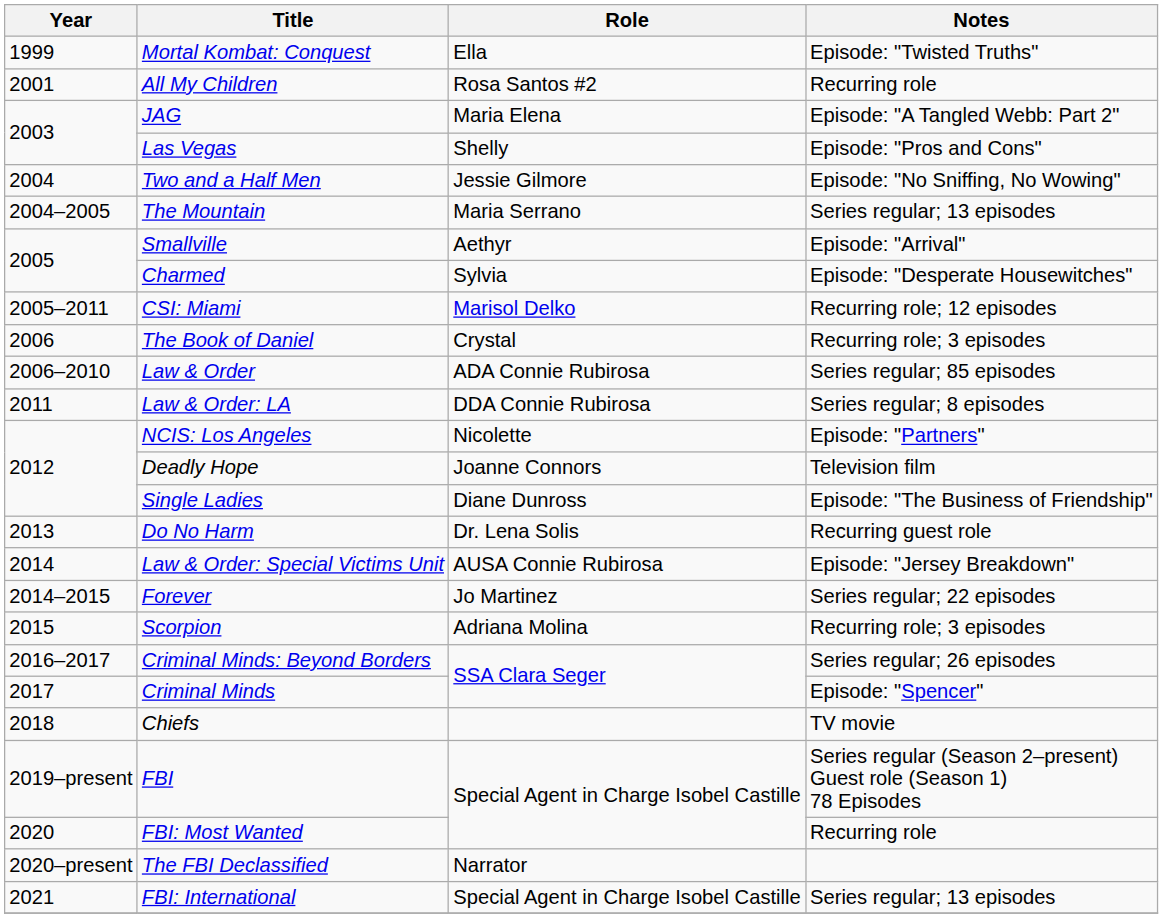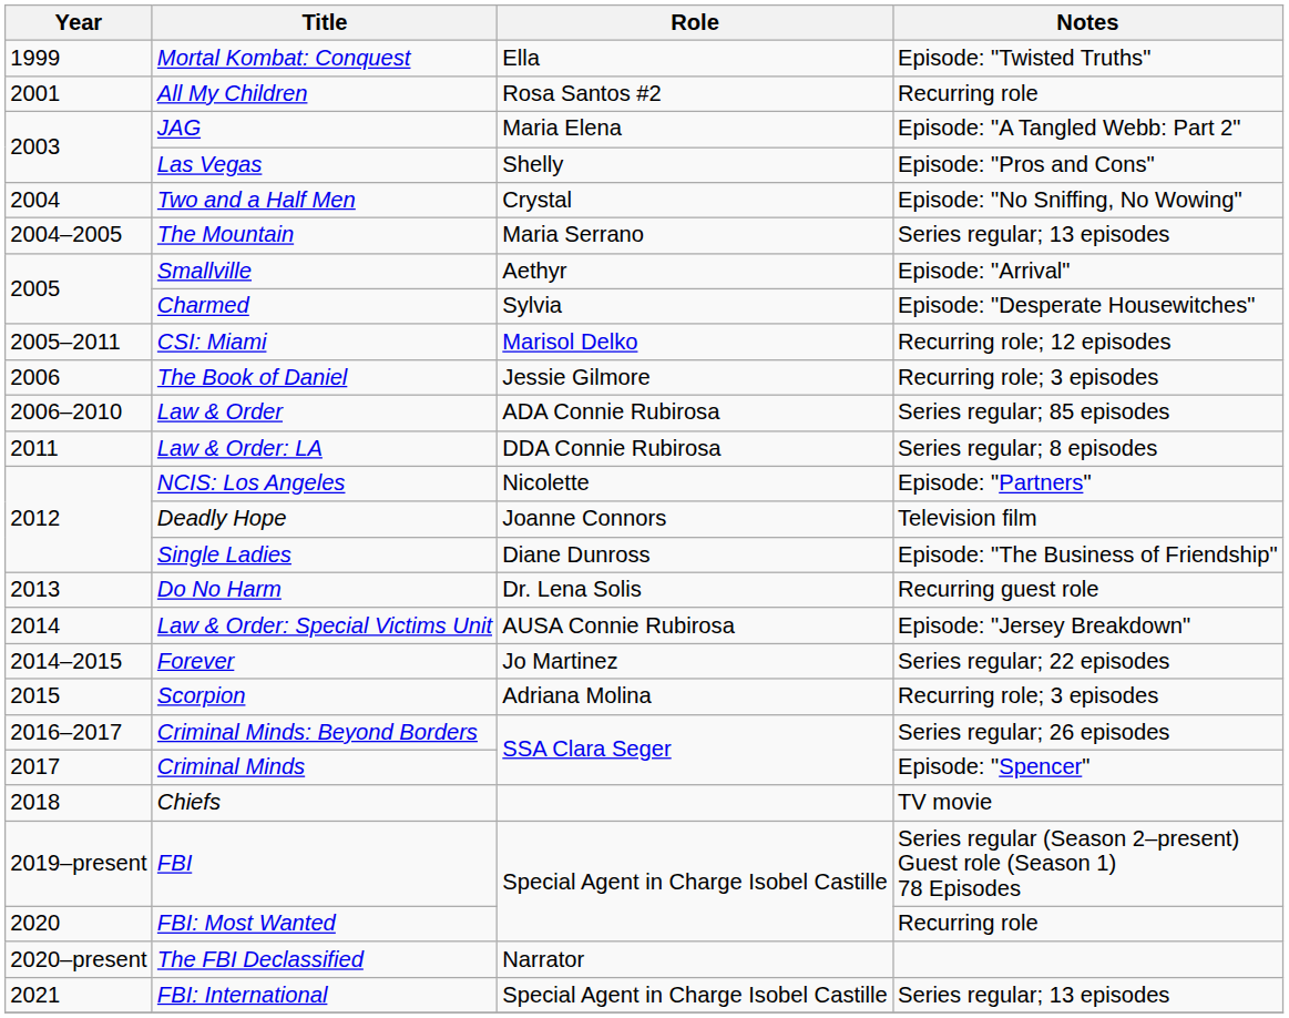 <table class="wikitable sortable">
 <tr>
 <th>Year</th>
 <th>Title</th>
 <th>Role</th>
 <th class="unsortable">Notes</th>
 </tr>
 <tr>
 <td>1999</td>
 <td><em><a href='#'>Mortal Kombat: Conquest</a></em></td>
 <td>Ella</td>
 <td>Episode: "Twisted Truths"</td>
 </tr>
 <tr>
 <td>2001</td>
 <td><em><a href='#'>All My Children</a></em></td>
 <td>Rosa Santos #2</td>
 <td>Recurring role</td>
 </tr>
 <tr>
 <td rowspan=2>2003</td>
 <td><em><a href='#'>JAG</a></em></td>
 <td>Maria Elena</td>
 <td>Episode: "A Tangled Webb: Part 2"</td>
 </tr>
 <tr>
 <td><em><a href='#'>Las Vegas</a></em></td>
 <td>Shelly</td>
 <td>Episode: "Pros and Cons"</td>
 </tr>
 <tr>
 <td>2004</td>
 <td><em><a href='#'>Two and a Half Men</a></em></td>
-<td>Jessie Gilmore</td>
+<td>Crystal</td>
 <td>Episode: "No Sniffing, No Wowing"</td>
 </tr>
 <tr>
 <td>2004–2005</td>
 <td><em><a href='#'>The Mountain</a></em></td>
 <td>Maria Serrano</td>
 <td>Series regular; 13 episodes</td>
 </tr>
 <tr>
 <td rowspan=2>2005</td>
 <td><em><a href='#'>Smallville</a></em></td>
 <td>Aethyr</td>
 <td>Episode: "Arrival"</td>
 </tr>
 <tr>
 <td><em><a href='#'>Charmed</a></em></td>
 <td>Sylvia</td>
 <td>Episode: "Desperate Housewitches"</td>
 </tr>
 <tr>
 <td>2005–2011</td>
 <td><em><a href='#'>CSI: Miami</a></em></td>
 <td><a href='#'>Marisol Delko</a></td>
 <td>Recurring role; 12 episodes</td>
 </tr>
 <tr>
 <td>2006</td>
 <td><em><a href='#'>The Book of Daniel</a></em></td>
-<td>Crystal</td>
+<td>Jessie Gilmore</td>
 <td>Recurring role; 3 episodes</td>
 </tr>
 <tr>
 <td>2006–2010</td>
 <td><em><a href='#'>Law & Order</a></em></td>
 <td>ADA Connie Rubirosa</td>
 <td>Series regular; 85 episodes</td>
 </tr>
 <tr>
 <td>2011</td>
 <td><em><a href='#'>Law & Order: LA</a></em></td>
 <td>DDA Connie Rubirosa</td>
 <td>Series regular; 8 episodes</td>
 </tr>
 <tr>
 <td rowspan=3>2012</td>
 <td><em><a href='#'>NCIS: Los Angeles</a></em></td>
 <td>Nicolette</td>
 <td>Episode: "<a href='#'>Partners</a>"</td>
 </tr>
 <tr>
 <td><em>Deadly Hope</em></td>
 <td>Joanne Connors</td>
 <td>Television film</td>
 </tr>
 <tr>
 <td><em><a href='#'>Single Ladies</a></em></td>
 <td>Diane Dunross</td>
 <td>Episode: "The Business of Friendship"</td>
 </tr>
 <tr>
 <td>2013</td>
 <td><em><a href='#'>Do No Harm</a></em></td>
 <td>Dr. Lena Solis</td>
 <td>Recurring guest role</td>
 </tr>
 <tr>
 <td>2014</td>
 <td><em><a href='#'>Law & Order: Special Victims Unit</a></em></td>
 <td>AUSA Connie Rubirosa</td>
 <td>Episode: "Jersey Breakdown"</td>
 </tr>
 <tr>
 <td>2014–2015</td>
 <td><em><a href='#'>Forever</a></em></td>
 <td>Jo Martinez</td>
 <td>Series regular; 22 episodes</td>
 </tr>
 <tr>
 <td>2015</td>
 <td><em><a href='#'>Scorpion</a></em></td>
 <td>Adriana Molina</td>
 <td>Recurring role; 3 episodes</td>
 </tr>
 <tr>
 <td>2016–2017</td>
 <td><em><a href='#'>Criminal Minds: Beyond Borders</a></em></td>
 <td rowspan="2"><a href='#'>SSA Clara Seger</a></td>
 <td>Series regular; 26 episodes</td>
 </tr>
 <tr>
 <td>2017</td>
 <td><em><a href='#'>Criminal Minds</a></em></td>
 <td>Episode: "<a href='#'>Spencer</a>"</td>
 </tr>
 <tr>
 <td>2018</td>
 <td><em>Chiefs</em></td>
 <td></td>
 <td>TV movie</td>
 </tr>
 <tr>
 <td>2019–present</td>
 <td><em><a href='#'>FBI</a></em></td>
 <td rowspan=2>Special Agent in Charge Isobel Castille</td>
 <td>Series regular (Season 2–present)<br>Guest role (Season 1)<br>78 Episodes</td>
 </tr>
 <tr>
 <td>2020</td>
 <td><em><a href='#'>FBI: Most Wanted</a></em></td>
 <td>Recurring role</td>
 </tr>
 <tr>
 <td>2020–present</td>
 <td><em><a href='#'>The FBI Declassified</a></em></td>
 <td>Narrator</td>
 <td></td>
 </tr>
 <tr>
 <td>2021</td>
 <td><em><a href='#'>FBI: International</a></em></td>
 <td>Special Agent in Charge Isobel Castille</td>
 <td>Series regular; 13 episodes</td>
 </tr>
 <tr>
 </tr>
 </table>
